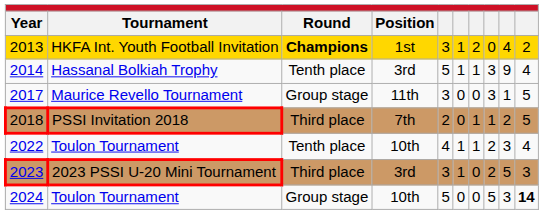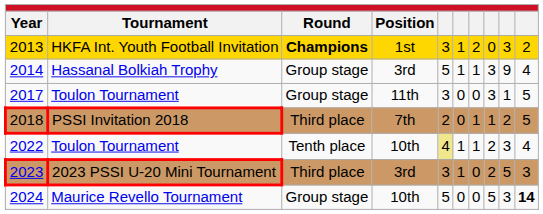 <table class="wikitable" style="text-align: center;">
 <tr>
 <th colspan=10 style="background: #CE1126; color: #FFFFFF;"><a href='#'></a></th>
 </tr>
 <tr>
 <th>Year</th>
 <th>Tournament</th>
 <th>Round</th>
 <th>Position</th>
 <th></th>
 <th></th>
 <th></th>
 <th></th>
 <th></th>
 <th></th>
 </tr>
 <tr bgcolor=gold>
 <td>2013</td>
 <td align=left> HKFA Int. Youth Football Invitation</td>
 <td><strong>Champions</strong></td>
 <td>1st</td>
 <td>3</td>
 <td>1</td>
 <td>2</td>
 <td>0</td>
-<td>4</td>
+<td>3</td>
 <td>2</td>
 </tr>
 <tr>
 <td><a href='#'>2014</a></td>
 <td align=left> <a href='#'>Hassanal Bolkiah Trophy</a></td>
-<td>Tenth place</td>
+<td>Group stage</td>
 <td>3rd</td>
 <td>5</td>
 <td>1</td>
 <td>1</td>
 <td>3</td>
 <td>9</td>
 <td>4</td>
 </tr>
 <tr>
 <td><a href='#'>2017</a></td>
-<td align=left> <a href='#'>Maurice Revello Tournament</a></td>
+<td align=left> <a href='#'>Toulon Tournament</a></td>
 <td>Group stage</td>
 <td>11th</td>
 <td>3</td>
 <td>0</td>
 <td>0</td>
 <td>3</td>
 <td>1</td>
 <td>5</td>
 </tr>
 <tr bgcolor="#cc9966">
 <td style="border: 3px solid red; text-align: left;">2018</td>
 <td style="border: 3px solid red; text-align: left;"> PSSI Invitation 2018</td>
 <td>Third place</td>
 <td>7th</td>
 <td>2</td>
 <td>0</td>
 <td>1</td>
 <td>1</td>
 <td>2</td>
 <td>5</td>
 </tr>
 <tr>
 <td><a href='#'>2022</a></td>
 <td align=left> <a href='#'>Toulon Tournament</a></td>
 <td>Tenth place</td>
 <td>10th</td>
-<td>4</td>
+<td style="background: khaki;">4</td>
 <td>1</td>
 <td>1</td>
 <td>2</td>
 <td>3</td>
 <td>4</td>
 </tr>
 <tr bgcolor="#cc9966">
 <td style="border: 3px solid red; text-align: left;"><a href='#'>2023</a></td>
 <td style="border: 3px solid red; text-align: left;"> 2023 PSSI U-20 Mini Tournament</td>
 <td>Third place</td>
 <td>3rd</td>
 <td>3</td>
 <td>1</td>
 <td>0</td>
 <td>2</td>
 <td>5</td>
 <td>3</td>
 </tr>
 <tr>
 <td><a href='#'>2024</a></td>
-<td align=left> <a href='#'>Toulon Tournament</a></td>
+<td align=left> <a href='#'>Maurice Revello Tournament</a></td>
 <td>Group stage</td>
 <td>10th</td>
 <td>5</td>
 <td>0</td>
 <td>0</td>
 <td>5</td>
 <td>3</td>
 <td><strong>14</strong></td>
 </tr>
 </table>
